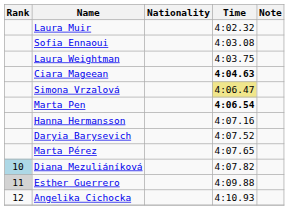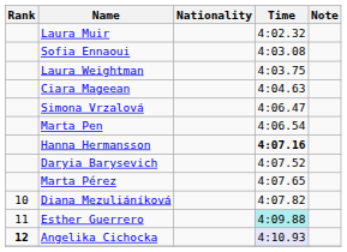 <table class="wikitable sortable" style="text-align:center">
 <tr>
 <th>Rank</th>
 <th>Name</th>
 <th>Nationality</th>
 <th>Time</th>
 <th>Note</th>
 </tr>
 <tr>
 <td></td>
 <td align=left><a href='#'>Laura Muir</a></td>
 <td align=left></td>
 <td>4:02.32</td>
 <td></td>
 </tr>
 <tr>
 <td></td>
 <td align=left><a href='#'>Sofia Ennaoui</a></td>
 <td align=left></td>
 <td>4:03.08</td>
 <td></td>
 </tr>
 <tr>
 <td></td>
 <td align=left><a href='#'>Laura Weightman</a></td>
 <td align=left></td>
 <td>4:03.75</td>
 <td></td>
 </tr>
 <tr>
 <td></td>
 <td align=left><a href='#'>Ciara Mageean</a></td>
 <td align=left></td>
-<td><strong>4:04.63</strong></td>
+<td>4:04.63</td>
 <td></td>
 </tr>
 <tr>
 <td></td>
 <td align=left><a href='#'>Simona Vrzalová</a></td>
 <td align=left></td>
-<td style="background: khaki;">4:06.47</td>
+<td>4:06.47</td>
 <td></td>
 </tr>
 <tr>
 <td></td>
 <td align=left><a href='#'>Marta Pen</a></td>
 <td align=left></td>
-<td><strong>4:06.54</strong></td>
+<td>4:06.54</td>
 <td></td>
 </tr>
 <tr>
 <td></td>
 <td align=left><a href='#'>Hanna Hermansson</a></td>
 <td align=left></td>
-<td>4:07.16</td>
+<td><strong>4:07.16</strong></td>
 <td></td>
 </tr>
 <tr>
 <td></td>
 <td align=left><a href='#'>Daryia Barysevich</a></td>
 <td align=left></td>
 <td>4:07.52</td>
 <td></td>
 </tr>
 <tr>
 <td></td>
 <td align=left><a href='#'>Marta Pérez</a></td>
 <td align=left></td>
 <td>4:07.65</td>
 <td></td>
 </tr>
 <tr>
-<td style="background: lightblue;">10</td>
+<td>10</td>
 <td align=left><a href='#'>Diana Mezuliáníková</a></td>
 <td align=left></td>
 <td>4:07.82</td>
 <td></td>
 </tr>
 <tr>
-<td style="background: lightgrey;">11</td>
+<td>11</td>
 <td align=left><a href='#'>Esther Guerrero</a></td>
 <td align=left></td>
-<td>4:09.88</td>
+<td style="background: paleturquoise;">4:09.88</td>
 <td></td>
 </tr>
 <tr>
-<td>12</td>
+<td><strong>12</strong></td>
 <td align=left><a href='#'>Angelika Cichocka</a></td>
 <td align=left></td>
-<td>4:10.93</td>
+<td style="background: lavender;">4:10.93</td>
 <td></td>
 </tr>
 <tr>
 </tr>
 </table>
